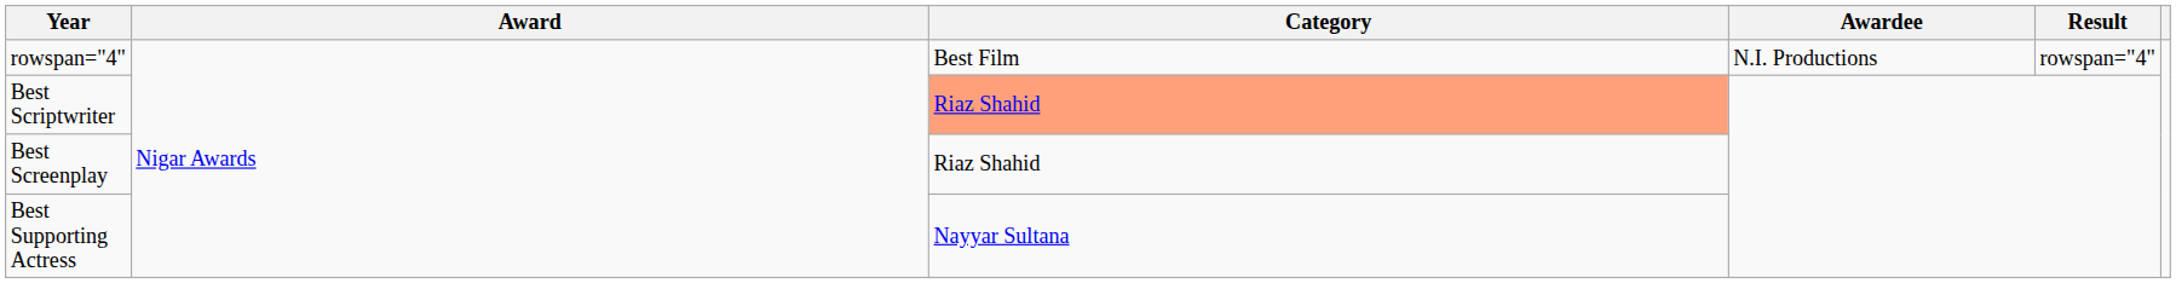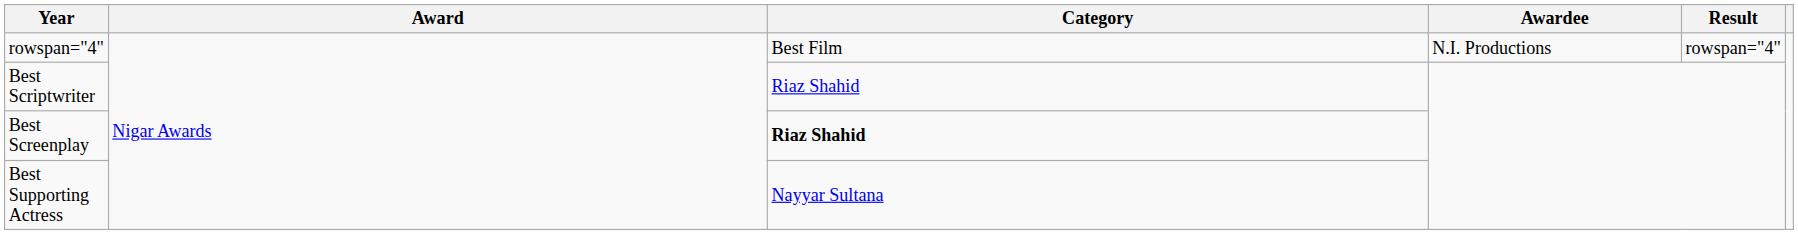 <table class="wikitable plainrowheaders" width=100%>
 <tr>
 <th width=5%>Year</th>
 <th style="width:40%;">Award</th>
 <th style="width:40%;">Category</th>
 <th style="width:40%;">Awardee</th>
 <th style="width:10%;">Result</th>
 <th width=5% class="unsortable"></th>
 </tr>
 <tr>
 <td>rowspan="4" </td>
 <td rowspan="4"><a href='#'>Nigar Awards</a></td>
 <td>Best Film</td>
 <td>N.I. Productions</td>
 <td>rowspan="4" </td>
 <td align="center" rowspan="4"></td>
 </tr>
 <tr>
 <td>Best Scriptwriter</td>
-<td style="background: lightsalmon;"><a href='#'>Riaz Shahid</a></td>
+<td><a href='#'>Riaz Shahid</a></td>
 </tr>
 <tr>
 <td>Best Screenplay</td>
-<td>Riaz Shahid</td>
+<td><strong>Riaz Shahid</strong></td>
 </tr>
 <tr>
 <td>Best Supporting Actress</td>
 <td><a href='#'>Nayyar Sultana</a></td>
 </tr>
 </table>
